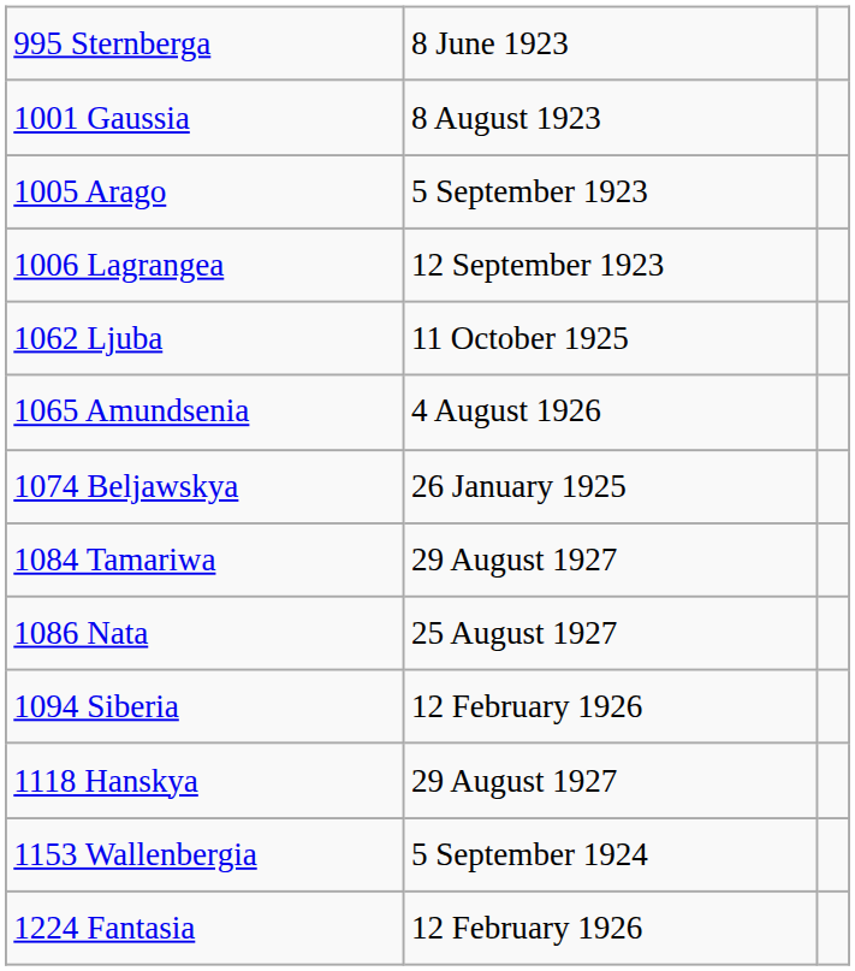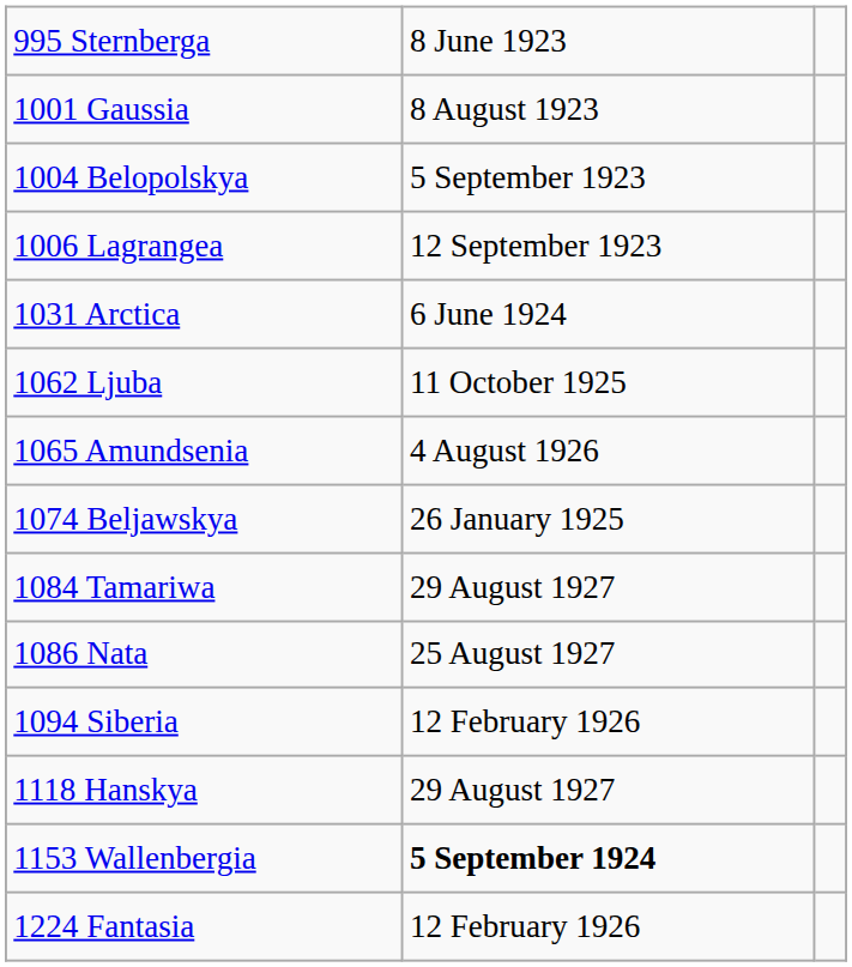 <table class="wikitable" style="font-size: 89%; float: left; width: 26em; margin-right: 1em; height: 420px;">
 <tr>
 <td><a href='#'>995 Sternberga</a></td>
 <td>8 June 1923</td>
 <td></td>
 </tr>
 <tr>
 <td><a href='#'>1001 Gaussia</a></td>
 <td>8 August 1923</td>
 <td></td>
 </tr>
 <tr>
-<td><a href='#'>1005 Arago</a></td>
+<td><a href='#'>1004 Belopolskya</a></td>
 <td>5 September 1923</td>
 <td></td>
 </tr>
 <tr>
 <td><a href='#'>1006 Lagrangea</a></td>
 <td>12 September 1923</td>
+<td></td>
+</tr>
+<tr>
+<td><a href='#'>1031 Arctica</a></td>
+<td>6 June 1924</td>
 <td></td>
 </tr>
 <tr>
 <td><a href='#'>1062 Ljuba</a></td>
 <td>11 October 1925</td>
 <td></td>
 </tr>
 <tr>
 <td><a href='#'>1065 Amundsenia</a></td>
 <td>4 August 1926</td>
 <td></td>
 </tr>
 <tr>
 <td><a href='#'>1074 Beljawskya</a></td>
 <td>26 January 1925</td>
 <td></td>
 </tr>
 <tr>
 <td><a href='#'>1084 Tamariwa</a></td>
 <td>29 August 1927</td>
 <td></td>
 </tr>
 <tr>
 <td><a href='#'>1086 Nata</a></td>
 <td>25 August 1927</td>
 <td> </td>
 </tr>
 <tr>
 <td><a href='#'>1094 Siberia</a></td>
 <td>12 February 1926</td>
 <td></td>
 </tr>
 <tr>
 <td><a href='#'>1118 Hanskya</a></td>
 <td>29 August 1927</td>
 <td> </td>
 </tr>
 <tr>
 <td><a href='#'>1153 Wallenbergia</a></td>
-<td>5 September 1924</td>
+<td><strong>5 September 1924</strong></td>
 <td></td>
 </tr>
 <tr>
 <td><a href='#'>1224 Fantasia</a></td>
 <td>12 February 1926</td>
 <td> </td>
 </tr>
 </table>
